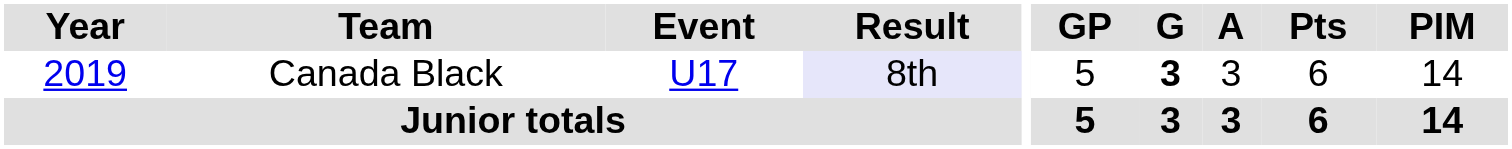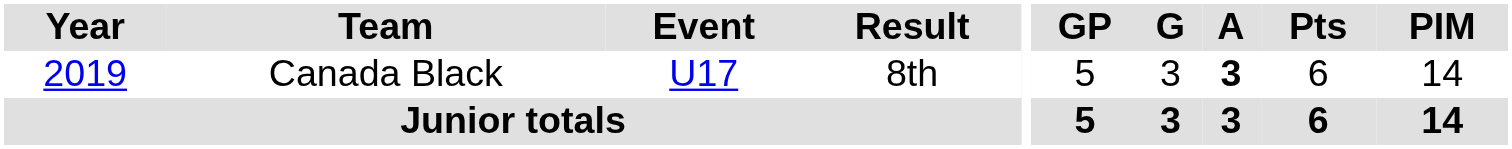 <table border="0" cellpadding="1" cellspacing="0" ID="Table3" style="text-align:center; width:40em">
 <tr ALIGN="center" bgcolor="#e0e0e0">
 <th>Year</th>
 <th>Team</th>
 <th>Event</th>
 <th>Result</th>
 <th rowspan="99" bgcolor="#ffffff"></th>
 <th>GP</th>
 <th>G</th>
 <th>A</th>
 <th>Pts</th>
 <th>PIM</th>
 </tr>
 <tr>
 <td><a href='#'>2019</a></td>
 <td>Canada Black</td>
 <td><a href='#'>U17</a></td>
-<td style="background: lavender;">8th</td>
+<td>8th</td>
 <td>5</td>
+<td>3</td>
 <td><strong>3</strong></td>
-<td>3</td>
 <td>6</td>
 <td>14</td>
 </tr>
 <tr bgcolor="#e0e0e0">
 <th colspan="4">Junior totals</th>
 <th>5</th>
 <th>3</th>
 <th>3</th>
 <th>6</th>
 <th>14</th>
 </tr>
 </table>
